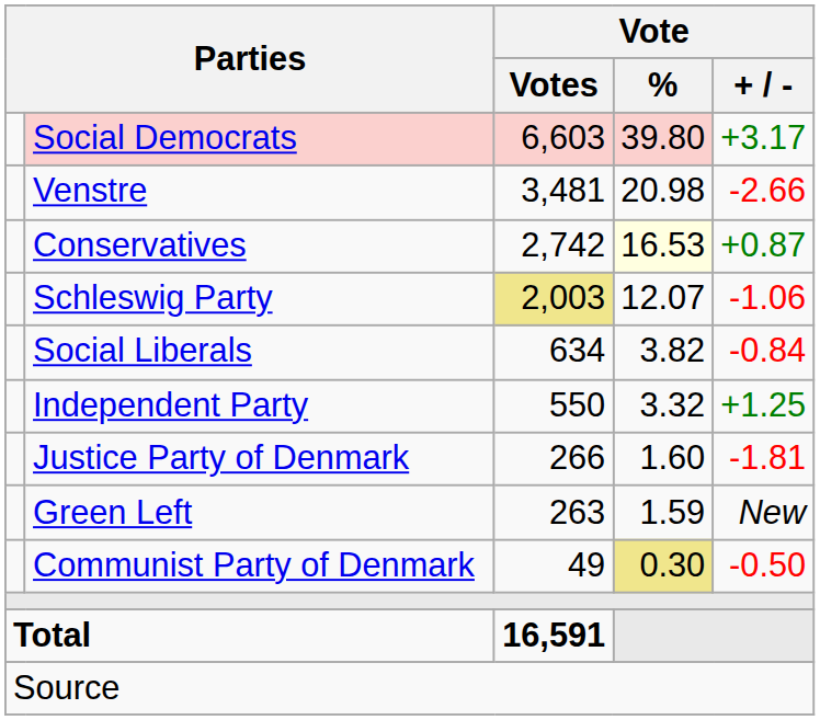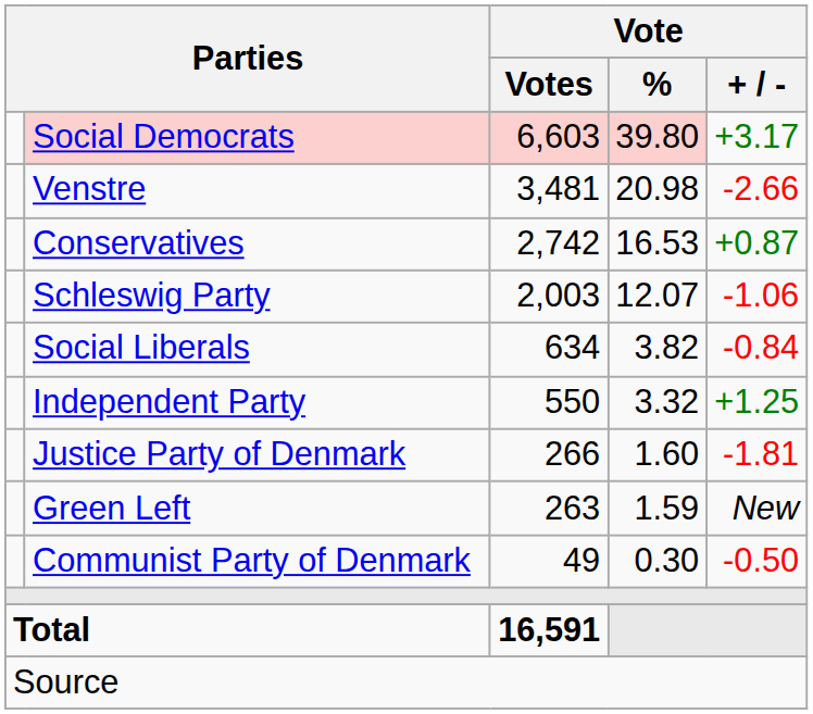 <table class="wikitable" style="text-align:right;">
 <tr>
 <th style="text-align:centre;" rowspan="2" colspan="2" width="225">Parties</th>
 <th colspan="3">Vote</th>
 </tr>
 <tr>
 <th width="15">Votes</th>
 <th width="15">%</th>
 <th width="15">+ / -</th>
 </tr>
 <tr>
 <td width="2" style="color:inherit;background:"></td>
 <td bgcolor=#fbd0ce  align="left"><a href='#'>Social Democrats</a></td>
 <td bgcolor=#fbd0ce>6,603</td>
 <td bgcolor=#fbd0ce>39.80</td>
 <td style=color:green;>+3.17</td>
 </tr>
 <tr>
 <td width="2" style="color:inherit;background:"></td>
 <td align="left"><a href='#'>Venstre</a></td>
 <td>3,481</td>
 <td>20.98</td>
 <td style=color:red;>-2.66</td>
 </tr>
 <tr>
 <td width="2" style="color:inherit;background:"></td>
 <td align="left"><a href='#'>Conservatives</a></td>
 <td>2,742</td>
-<td style="background: lightyellow;">16.53</td>
+<td>16.53</td>
 <td style=color:green;>+0.87</td>
 </tr>
 <tr>
 <td width="2" style="color:inherit;background:"></td>
 <td align="left"><a href='#'>Schleswig Party</a></td>
-<td style="background: khaki;">2,003</td>
+<td>2,003</td>
 <td>12.07</td>
 <td style=color:red;>-1.06</td>
 </tr>
 <tr>
 <td width="2" style="color:inherit;background:"></td>
 <td align="left"><a href='#'>Social Liberals</a></td>
 <td>634</td>
 <td>3.82</td>
 <td style=color:red;>-0.84</td>
 </tr>
 <tr>
 <td width="2" style="color:inherit;background:"></td>
 <td align="left"><a href='#'>Independent Party</a></td>
 <td>550</td>
 <td>3.32</td>
 <td style=color:green;>+1.25</td>
 </tr>
 <tr>
 <td width="2" style="color:inherit;background:"></td>
 <td align="left"><a href='#'>Justice Party of Denmark</a></td>
 <td>266</td>
 <td>1.60</td>
 <td style=color:red;>-1.81</td>
 </tr>
 <tr>
 <td width="2" style="color:inherit;background:"></td>
 <td align="left"><a href='#'>Green Left</a></td>
 <td>263</td>
 <td>1.59</td>
 <td><em>New</em></td>
 </tr>
 <tr>
 <td width="2" style="color:inherit;background:"></td>
 <td align="left"><a href='#'>Communist Party of Denmark</a></td>
 <td>49</td>
-<td style="background: khaki;">0.30</td>
+<td>0.30</td>
 <td style=color:red;>-0.50</td>
 </tr>
 <tr>
 <td colspan="7" bgcolor="#E9E9E9"></td>
 </tr>
 <tr>
 <td align="left" colspan="2"><strong>Total</strong></td>
 <td><strong>16,591</strong></td>
 <td bgcolor="#E9E9E9" colspan="2"></td>
 </tr>
 <tr>
 <td align="left" colspan="6">Source</td>
 </tr>
 </table>
